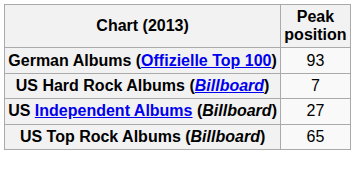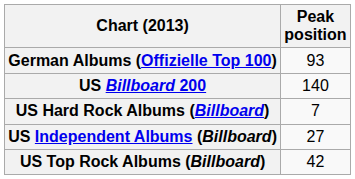 <table class="wikitable sortable plainrowheaders">
 <tr>
 <th scope="col">Chart (2013)</th>
 <th scope="col">Peak<br>position</th>
 </tr>
 <tr>
 <th scope="row">German Albums (<a href='#'>Offizielle Top 100</a>)</th>
 <td align="center">93</td>
+</tr>
+<tr>
+<th scope="row">US <a href='#'><em>Billboard</em> 200</a></th>
+<td align="center">140</td>
 </tr>
 <tr>
 <th scope="row">US Hard Rock Albums (<em><a href='#'>Billboard</a></em>)</th>
 <td align="center">7</td>
 </tr>
 <tr>
 <th scope="row">US <a href='#'>Independent Albums</a> (<em>Billboard</em>)</th>
 <td align="center">27</td>
 </tr>
 <tr>
 <th scope="row">US Top Rock Albums (<em>Billboard</em>)</th>
-<td align="center">65</td>
+<td align="center">42</td>
 </tr>
 </table>
